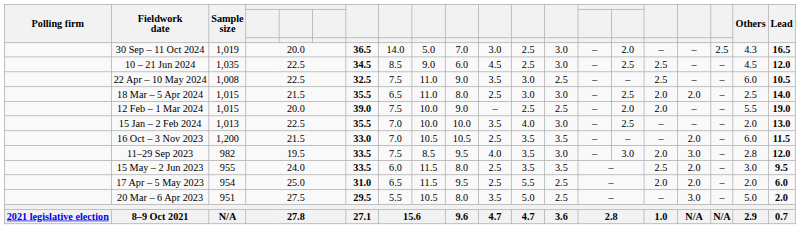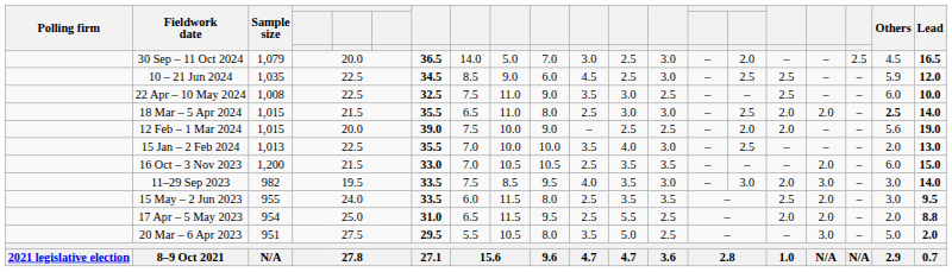 <table class="wikitable mw-collapsible sortable" style="text-align:center;font-size:90%;line-height:14px;">
 <tr>
 <th rowspan="3">Polling firm</th>
 <th rowspan="3">Fieldwork<br>date</th>
 <th rowspan="3">Sample<br>size</th>
 <th colspan="3" class="unsortable" style="width:40px;"></th>
 <th rowspan="2" class="unsortable" style="width:40px;"></th>
 <th rowspan="2" class="unsortable" style="width:40px;"></th>
 <th rowspan="2" class="unsortable" style="width:40px;"></th>
 <th rowspan="2" class="unsortable" style="width:40px;"></th>
 <th rowspan="2" class="unsortable" style="width:40px;"></th>
 <th rowspan="2" class="unsortable" style="width:40px;"></th>
 <th rowspan="2" class="unsortable" style="width:40px;"></th>
 <th colspan="2" class="unsortable" style="width:40px;"></th>
 <th rowspan="2" class="unsortable" style="width:40px;"></th>
 <th rowspan="2" class="unsortable" style="width:40px;"></th>
 <th rowspan="2"></th>
 <th rowspan="3" style="width:40px;">Others</th>
 <th rowspan="3" style="width:25px;">Lead</th>
 </tr>
 <tr style="height:40px;">
 <th class="unsortable" style="width:40px;"></th>
 <th class="unsortable" style="width:40px;"></th>
 <th class="unsortable" style="width:40px;"></th>
 <th class="unsortable" style="width:40px;"></th>
 <th class="unsortable" style="width:40px;"></th>
 </tr>
 <tr>
 <th class="unsortable" style="color:inherit;background:"></th>
 <th class="unsortable" style="color:inherit;background:"></th>
 <th class="unsortable" style="color:inherit;background:"></th>
 <th class="unsortable" style="color:inherit;background:"></th>
 <th class="unsortable" style="color:inherit;background:"></th>
 <th class="unsortable" style="color:inherit;background:"></th>
 <th class="unsortable" style="color:inherit;background:"></th>
 <th class="unsortable" style="color:inherit;background:"></th>
 <th class="unsortable" style="color:inherit;background:"></th>
 <th class="unsortable" style="color:inherit;background:"></th>
 <th class="unsortable" style="color:inherit;background:"></th>
 <th class="unsortable" style="color:inherit;background:"></th>
 <th class="unsortable" style="color:inherit;background:"></th>
 <th class="unsortable" style="color:inherit;background:"></th>
 <th class="unsortable" style="color:inherit;background:"></th>
 </tr>
 <tr>
 <td></td>
 <td>30 Sep – 11 Oct 2024</td>
-<td>1,019</td>
+<td>1,079</td>
 <td colspan="3">20.0</td>
 <td><strong>36.5</strong></td>
 <td>14.0</td>
 <td>5.0</td>
 <td>7.0</td>
 <td>3.0</td>
 <td>2.5</td>
 <td>3.0</td>
 <td>–</td>
 <td>2.0</td>
 <td>–</td>
 <td>–</td>
 <td>2.5</td>
-<td>4.3</td>
+<td>4.5</td>
 <td style="background:"><strong>16.5</strong></td>
 </tr>
 <tr>
 <td></td>
 <td>10 – 21 Jun 2024</td>
 <td>1,035</td>
 <td colspan="3">22.5</td>
 <td><strong>34.5</strong></td>
 <td>8.5</td>
 <td>9.0</td>
 <td>6.0</td>
 <td>4.5</td>
 <td>2.5</td>
 <td>3.0</td>
 <td>–</td>
 <td>2.5</td>
 <td>2.5</td>
 <td>–</td>
 <td>–</td>
-<td>4.5</td>
+<td>5.9</td>
 <td style="background:"><strong>12.0</strong></td>
 </tr>
 <tr>
 <td></td>
 <td>22 Apr – 10 May 2024</td>
 <td>1,008</td>
 <td colspan="3">22.5</td>
 <td><strong>32.5</strong></td>
 <td>7.5</td>
 <td>11.0</td>
 <td>9.0</td>
 <td>3.5</td>
 <td>3.0</td>
 <td>2.5</td>
 <td>–</td>
 <td>–</td>
 <td>2.5</td>
 <td>–</td>
 <td>–</td>
 <td>6.0</td>
-<td style="background:"><strong>10.5</strong></td>
+<td style="background:"><strong>10.0</strong></td>
 </tr>
 <tr>
 <td></td>
 <td>18 Mar – 5 Apr 2024</td>
 <td>1,015</td>
 <td colspan="3">21.5</td>
 <td><strong>35.5</strong></td>
 <td>6.5</td>
 <td>11.0</td>
 <td>8.0</td>
 <td>2.5</td>
 <td>3.0</td>
 <td>3.0</td>
 <td>–</td>
 <td>2.5</td>
 <td>2.0</td>
 <td>2.0</td>
 <td>–</td>
-<td>2.5</td>
+<td><strong>2.5</strong></td>
 <td style="background:"><strong>14.0</strong></td>
 </tr>
 <tr>
 <td></td>
 <td>12 Feb – 1 Mar 2024</td>
 <td>1,015</td>
 <td colspan="3">20.0</td>
 <td><strong>39.0</strong></td>
 <td>7.5</td>
 <td>10.0</td>
 <td>9.0</td>
 <td>–</td>
 <td>2.5</td>
 <td>2.5</td>
 <td>–</td>
 <td>2.0</td>
 <td>2.0</td>
 <td>–</td>
 <td>–</td>
-<td>5.5</td>
+<td>5.6</td>
 <td style="background:"><strong>19.0</strong></td>
 </tr>
 <tr>
 <td></td>
 <td>15 Jan – 2 Feb 2024</td>
 <td>1,013</td>
 <td colspan="3">22.5</td>
 <td><strong>35.5</strong></td>
 <td>7.0</td>
 <td>10.0</td>
 <td>10.0</td>
 <td>3.5</td>
 <td>4.0</td>
 <td>3.0</td>
 <td>–</td>
 <td>2.5</td>
 <td>–</td>
 <td>–</td>
 <td>–</td>
 <td>2.0</td>
 <td style="background:"><strong>13.0</strong></td>
 </tr>
 <tr>
 <td></td>
 <td>16 Oct – 3 Nov 2023</td>
 <td>1,200</td>
 <td colspan="3">21.5</td>
 <td><strong>33.0</strong></td>
 <td>7.0</td>
 <td>10.5</td>
 <td>10.5</td>
 <td>2.5</td>
 <td>3.5</td>
 <td>3.5</td>
 <td>–</td>
 <td>–</td>
 <td>–</td>
 <td>2.0</td>
 <td>–</td>
 <td>6.0</td>
-<td style="background:"><strong>11.5</strong></td>
+<td style="background:"><strong>15.0</strong></td>
 </tr>
 <tr>
 <td></td>
 <td>11–29 Sep 2023</td>
 <td>982</td>
 <td colspan="3">19.5</td>
 <td><strong>33.5</strong></td>
 <td>7.5</td>
 <td>8.5</td>
 <td>9.5</td>
 <td>4.0</td>
 <td>3.5</td>
 <td>3.0</td>
 <td>–</td>
 <td>3.0</td>
 <td>2.0</td>
 <td>3.0</td>
 <td>–</td>
-<td>2.8</td>
-<td style="background:"><strong>12.0</strong></td>
+<td>3.0</td>
+<td style="background:"><strong>14.0</strong></td>
 </tr>
 <tr>
 <td></td>
 <td>15 May – 2 Jun 2023</td>
 <td>955</td>
 <td colspan="3">24.0</td>
 <td><strong>33.5</strong></td>
 <td>6.0</td>
 <td>11.5</td>
 <td>8.0</td>
 <td>2.5</td>
 <td>3.5</td>
 <td>3.5</td>
 <td colspan="2">–</td>
 <td>2.5</td>
 <td>2.0</td>
 <td>–</td>
 <td>3.0</td>
 <td style="background:"><strong>9.5</strong></td>
 </tr>
 <tr>
 <td></td>
 <td>17 Apr – 5 May 2023</td>
 <td>954</td>
 <td colspan="3">25.0</td>
 <td><strong>31.0</strong></td>
 <td>6.5</td>
 <td>11.5</td>
 <td>9.5</td>
 <td>2.5</td>
 <td>5.5</td>
 <td>2.5</td>
 <td colspan="2">–</td>
 <td>2.0</td>
 <td>2.0</td>
 <td>–</td>
 <td>2.0</td>
-<td style="background:"><strong>6.0</strong></td>
+<td style="background:"><strong>8.8</strong></td>
 </tr>
 <tr>
 <td></td>
 <td>20 Mar – 6 Apr 2023</td>
 <td>951</td>
 <td colspan="3">27.5</td>
 <td><strong>29.5</strong></td>
 <td>5.5</td>
 <td>10.5</td>
 <td>8.0</td>
 <td>3.5</td>
 <td>5.0</td>
 <td>2.5</td>
 <td colspan="2">–</td>
 <td>–</td>
 <td>3.0</td>
 <td>–</td>
 <td>5.0</td>
 <td style="background:"><strong>2.0</strong></td>
 </tr>
 <tr>
 <th colspan="20"></th>
 </tr>
 <tr>
 <th><a href='#'>2021 legislative election</a></th>
 <th>8–9 Oct 2021</th>
 <th>N/A</th>
 <th colspan="3" ><strong>27.8</strong></th>
 <th>27.1</th>
 <th colspan="2">15.6</th>
 <th>9.6</th>
 <th>4.7</th>
 <th>4.7</th>
 <th>3.6</th>
 <th colspan="2">2.8</th>
 <th>1.0</th>
 <th>N/A</th>
 <th>N/A</th>
 <th>2.9</th>
 <th style="background:">0.7</th>
 </tr>
 </table>
